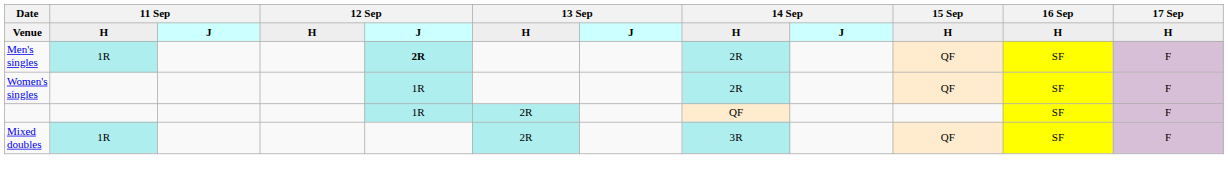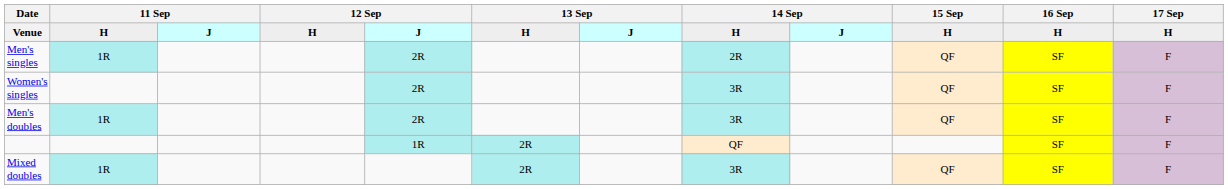 <table class="wikitable" style="margin:0.5em auto; font-size:90%; text-align:center; nowrap:yes">
 <tr>
 <th>Date</th>
 <th colspan="2">11 Sep</th>
 <th colspan="2">12 Sep</th>
 <th colspan="2">13 Sep</th>
 <th colspan="2">14 Sep</th>
 <th>15 Sep</th>
 <th>16 Sep</th>
 <th>17 Sep</th>
 </tr>
 <tr>
 <th>Venue</th>
 <th style="background-color:#EEEEEE; width:25em">H</th>
 <th style="background-color:#CCFFFF; width:25em">J</th>
 <th style="background-color:#EEEEEE; width:25em">H</th>
 <th style="background-color:#CCFFFF; width:25em">J</th>
 <th style="background-color:#EEEEEE; width:25em">H</th>
 <th style="background-color:#CCFFFF; width:25em">J</th>
 <th style="background-color:#EEEEEE; width:25em">H</th>
 <th style="background-color:#CCFFFF; width:25em">J</th>
 <th style="background-color:#EEEEEE; width:25em">H</th>
 <th style="background-color:#EEEEEE; width:25em">H</th>
 <th style="background-color:#EEEEEE; width:25em">H</th>
 </tr>
 <tr>
 <td align="left"><a href='#'>Men's singles</a></td>
 <td bgcolor="#AFEEEE">1R</td>
 <td></td>
 <td></td>
-<td bgcolor="#AFEEEE"><strong>2R</strong></td>
+<td bgcolor="#AFEEEE">2R</td>
 <td></td>
 <td></td>
 <td bgcolor="#AFEEEE">2R</td>
 <td></td>
 <td bgcolor="#FFEBCD">QF</td>
 <td bgcolor="#FFFF00">SF</td>
 <td bgcolor="#D8BFD8">F</td>
 </tr>
 <tr>
 <td align="left"><a href='#'>Women's singles</a></td>
 <td></td>
 <td></td>
 <td></td>
+<td bgcolor="#AFEEEE">2R</td>
+<td></td>
+<td></td>
+<td bgcolor="#AFEEEE">3R</td>
+<td></td>
+<td bgcolor="#FFEBCD">QF</td>
+<td bgcolor="#FFFF00">SF</td>
+<td bgcolor="#D8BFD8">F</td>
+</tr>
+<tr>
+<td align="left"><a href='#'>Men's doubles</a></td>
 <td bgcolor="#AFEEEE">1R</td>
 <td></td>
 <td></td>
 <td bgcolor="#AFEEEE">2R</td>
+<td></td>
+<td></td>
+<td bgcolor="#AFEEEE">3R</td>
 <td></td>
 <td bgcolor="#FFEBCD">QF</td>
 <td bgcolor="#FFFF00">SF</td>
 <td bgcolor="#D8BFD8">F</td>
 </tr>
 <tr>
 <td align="left"></td>
 <td></td>
 <td></td>
 <td></td>
 <td bgcolor="#AFEEEE">1R</td>
 <td bgcolor="#AFEEEE">2R</td>
 <td></td>
 <td bgcolor="#FFEBCD">QF</td>
 <td></td>
 <td></td>
 <td bgcolor="#FFFF00">SF</td>
 <td bgcolor="#D8BFD8">F</td>
 </tr>
 <tr>
 <td align="left"><a href='#'>Mixed doubles</a></td>
 <td bgcolor="#AFEEEE">1R</td>
 <td></td>
 <td></td>
 <td></td>
 <td bgcolor="#AFEEEE">2R</td>
 <td></td>
 <td bgcolor="#AFEEEE">3R</td>
 <td></td>
 <td bgcolor="#FFEBCD">QF</td>
 <td bgcolor="#FFFF00">SF</td>
 <td bgcolor="#D8BFD8">F</td>
 </tr>
 </table>
